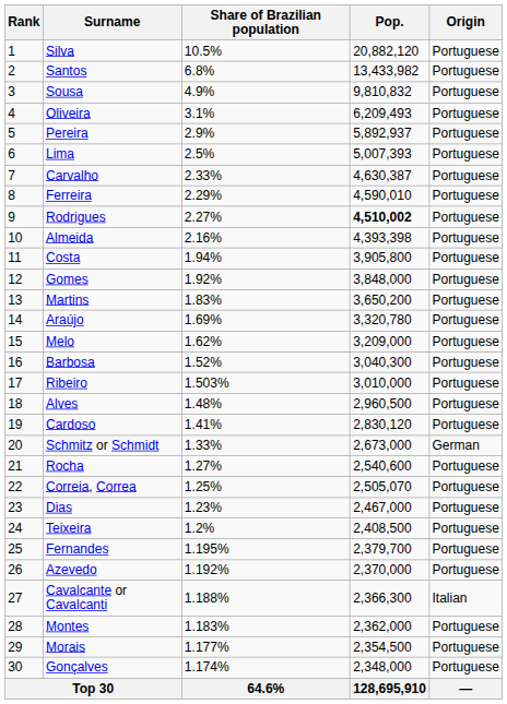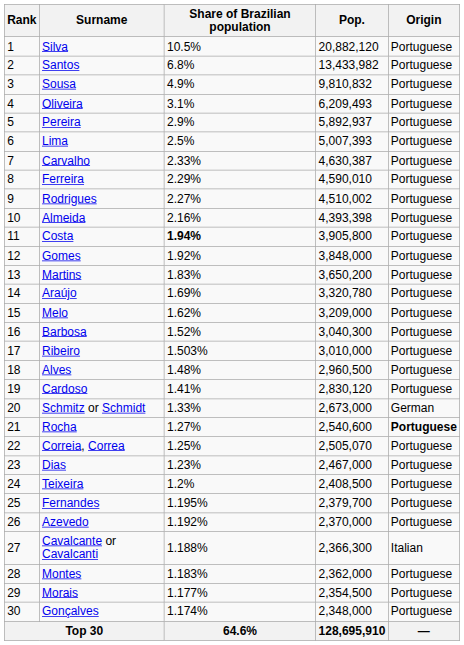 <table class="wikitable sortable">
 <tr>
 <th>Rank</th>
 <th>Surname</th>
 <th>Share of Brazilian population</th>
 <th>Pop.</th>
 <th>Origin</th>
 </tr>
 <tr>
 <td>1</td>
 <td><a href='#'>Silva</a></td>
 <td>10.5%</td>
 <td>20,882,120</td>
 <td>Portuguese</td>
 </tr>
 <tr>
 <td>2</td>
 <td><a href='#'>Santos</a></td>
 <td>6.8%</td>
 <td>13,433,982</td>
 <td>Portuguese</td>
 </tr>
 <tr>
 <td>3</td>
 <td><a href='#'>Sousa</a></td>
 <td>4.9%</td>
 <td>9,810,832</td>
 <td>Portuguese</td>
 </tr>
 <tr>
 <td>4</td>
 <td><a href='#'>Oliveira</a></td>
 <td>3.1%</td>
 <td>6,209,493</td>
 <td>Portuguese</td>
 </tr>
 <tr>
 <td>5</td>
 <td><a href='#'>Pereira</a></td>
 <td>2.9%</td>
 <td>5,892,937</td>
 <td>Portuguese</td>
 </tr>
 <tr>
 <td>6</td>
 <td><a href='#'>Lima</a></td>
 <td>2.5%</td>
 <td>5,007,393</td>
 <td>Portuguese</td>
 </tr>
 <tr>
 <td>7</td>
 <td><a href='#'>Carvalho</a></td>
 <td>2.33%</td>
 <td>4,630,387</td>
 <td>Portuguese</td>
 </tr>
 <tr>
 <td>8</td>
 <td><a href='#'>Ferreira</a></td>
 <td>2.29%</td>
 <td>4,590,010</td>
 <td>Portuguese</td>
 </tr>
 <tr>
 <td>9</td>
 <td><a href='#'>Rodrigues</a></td>
 <td>2.27%</td>
-<td><strong>4,510,002</strong></td>
+<td>4,510,002</td>
 <td>Portuguese</td>
 </tr>
 <tr>
 <td>10</td>
 <td><a href='#'>Almeida</a></td>
 <td>2.16%</td>
 <td>4,393,398</td>
 <td>Portuguese</td>
 </tr>
 <tr>
 <td>11</td>
 <td><a href='#'>Costa</a></td>
-<td>1.94%</td>
+<td><strong>1.94%</strong></td>
 <td>3,905,800</td>
 <td>Portuguese</td>
 </tr>
 <tr>
 <td>12</td>
 <td><a href='#'>Gomes</a></td>
 <td>1.92%</td>
 <td>3,848,000</td>
 <td>Portuguese</td>
 </tr>
 <tr>
 <td>13</td>
 <td><a href='#'>Martins</a></td>
 <td>1.83%</td>
 <td>3,650,200</td>
 <td>Portuguese</td>
 </tr>
 <tr>
 <td>14</td>
 <td><a href='#'>Araújo</a></td>
 <td>1.69%</td>
 <td>3,320,780</td>
 <td>Portuguese</td>
 </tr>
 <tr>
 <td>15</td>
 <td><a href='#'>Melo</a></td>
 <td>1.62%</td>
 <td>3,209,000</td>
 <td>Portuguese</td>
 </tr>
 <tr>
 <td>16</td>
 <td><a href='#'>Barbosa</a></td>
 <td>1.52%</td>
 <td>3,040,300</td>
 <td>Portuguese</td>
 </tr>
 <tr>
 <td>17</td>
 <td><a href='#'>Ribeiro</a></td>
 <td>1.503%</td>
 <td>3,010,000</td>
 <td>Portuguese</td>
 </tr>
 <tr>
 <td>18</td>
 <td><a href='#'>Alves</a></td>
 <td>1.48%</td>
 <td>2,960,500</td>
 <td>Portuguese</td>
 </tr>
 <tr>
 <td>19</td>
 <td><a href='#'>Cardoso</a></td>
 <td>1.41%</td>
 <td>2,830,120</td>
 <td>Portuguese</td>
 </tr>
 <tr>
 <td>20</td>
 <td><a href='#'>Schmitz</a> or <a href='#'>Schmidt</a></td>
 <td>1.33%</td>
 <td>2,673,000</td>
 <td>German</td>
 </tr>
 <tr>
 <td>21</td>
 <td><a href='#'>Rocha</a></td>
 <td>1.27%</td>
 <td>2,540,600</td>
-<td>Portuguese</td>
+<td><strong>Portuguese</strong></td>
 </tr>
 <tr>
 <td>22</td>
 <td><a href='#'>Correia</a>, <a href='#'>Correa</a></td>
 <td>1.25%</td>
 <td>2,505,070</td>
 <td>Portuguese</td>
 </tr>
 <tr>
 <td>23</td>
 <td><a href='#'>Dias</a></td>
 <td>1.23%</td>
 <td>2,467,000</td>
 <td>Portuguese</td>
 </tr>
 <tr>
 <td>24</td>
 <td><a href='#'>Teixeira</a></td>
 <td>1.2%</td>
 <td>2,408,500</td>
 <td>Portuguese</td>
 </tr>
 <tr>
 <td>25</td>
 <td><a href='#'>Fernandes</a></td>
 <td>1.195%</td>
 <td>2,379,700</td>
 <td>Portuguese</td>
 </tr>
 <tr>
 <td>26</td>
 <td><a href='#'>Azevedo</a></td>
 <td>1.192%</td>
 <td>2,370,000</td>
 <td>Portuguese</td>
 </tr>
 <tr>
 <td>27</td>
 <td><a href='#'>Cavalcante</a> or <a href='#'>Cavalcanti</a></td>
 <td>1.188%</td>
 <td>2,366,300</td>
 <td>Italian</td>
 </tr>
 <tr>
 <td>28</td>
 <td><a href='#'>Montes</a></td>
 <td>1.183%</td>
 <td>2,362,000</td>
 <td>Portuguese</td>
 </tr>
 <tr>
 <td>29</td>
 <td><a href='#'>Morais</a></td>
 <td>1.177%</td>
 <td>2,354,500</td>
 <td>Portuguese</td>
 </tr>
 <tr>
 <td>30</td>
 <td><a href='#'>Gonçalves</a></td>
 <td>1.174%</td>
 <td>2,348,000</td>
 <td>Portuguese</td>
 </tr>
 <tr>
 <th Colspan="2">Top 30</th>
 <th>64.6%</th>
 <th>128,695,910</th>
 <th>—</th>
 </tr>
 </table>
